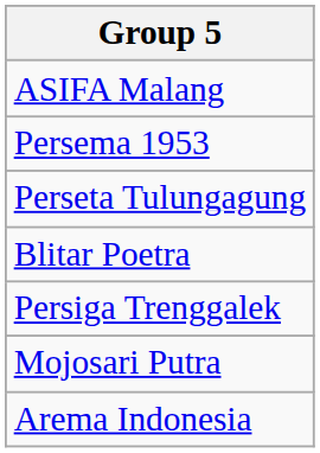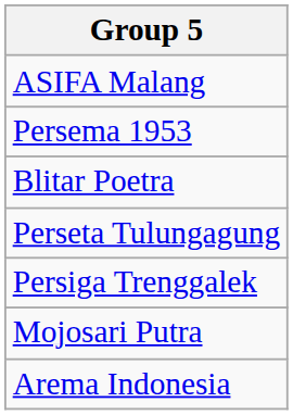 <table class="wikitable">
 <tr>
 <th><strong>Group 5</strong></th>
 </tr>
 <tr>
 <td><a href='#'>ASIFA Malang</a></td>
 </tr>
 <tr>
 <td><a href='#'>Persema 1953</a></td>
 </tr>
 <tr>
-<td><a href='#'>Perseta Tulungagung</a></td>
+<td><a href='#'>Blitar Poetra</a></td>
 </tr>
 <tr>
-<td><a href='#'>Blitar Poetra</a></td>
+<td><a href='#'>Perseta Tulungagung</a></td>
 </tr>
 <tr>
 <td><a href='#'>Persiga Trenggalek</a></td>
 </tr>
 <tr>
 <td><a href='#'>Mojosari Putra</a></td>
 </tr>
 <tr>
 <td><a href='#'>Arema Indonesia</a></td>
 </tr>
 </table>
